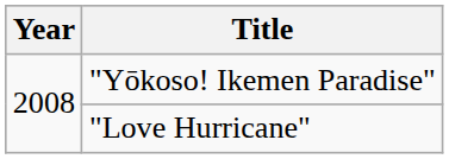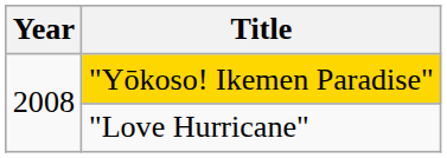 <table class="wikitable">
 <tr>
 <th>Year</th>
 <th>Title</th>
 </tr>
 <tr>
 <td rowspan="2">2008</td>
-<td>"Yōkoso! Ikemen Paradise"</td>
+<td style="background: gold;">"Yōkoso! Ikemen Paradise"</td>
 </tr>
 <tr>
 <td>"Love Hurricane"</td>
 </tr>
 </table>
